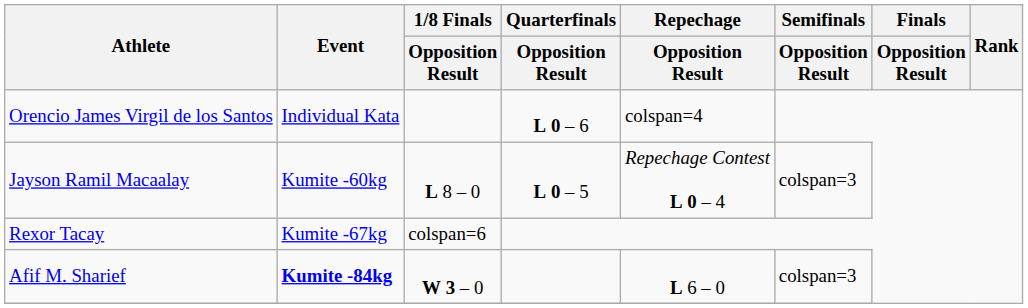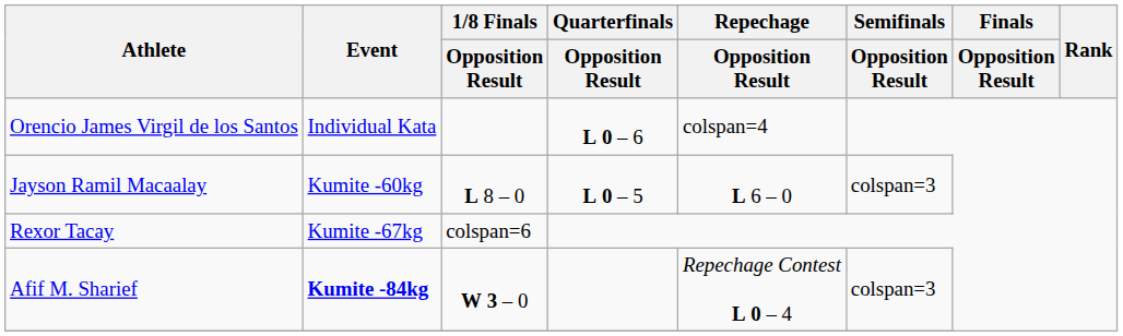 <table class=wikitable style="font-size:90%">
 <tr>
 <th rowspan=2>Athlete</th>
 <th rowspan=2>Event</th>
 <th>1/8 Finals</th>
 <th>Quarterfinals</th>
 <th>Repechage</th>
 <th>Semifinals</th>
 <th>Finals</th>
 <th rowspan=2>Rank</th>
 </tr>
 <tr>
 <th>Opposition<br>Result</th>
 <th>Opposition<br>Result</th>
 <th>Opposition<br>Result</th>
 <th>Opposition<br>Result</th>
 <th>Opposition<br>Result</th>
 </tr>
 <tr>
 <td><a href='#'>Orencio James Virgil de los Santos</a></td>
 <td><a href='#'>Individual Kata</a></td>
 <td></td>
 <td align=center> <br> <strong>L</strong> <strong>0</strong> – 6</td>
 <td>colspan=4 </td>
 </tr>
 <tr>
 <td><a href='#'>Jayson Ramil Macaalay</a></td>
 <td><a href='#'>Kumite -60kg</a></td>
 <td align=center> <br><strong>L</strong> 8 – 0</td>
 <td align=center> <br> <strong>L</strong> <strong>0</strong> – 5</td>
-<td align=center><em>Repechage Contest</em><br>  <br> <strong>L</strong> <strong>0</strong> – 4</td>
+<td align=center> <br><strong>L</strong> 6 – 0</td>
 <td>colspan=3 </td>
 </tr>
 <tr>
 <td><a href='#'>Rexor Tacay</a></td>
 <td><a href='#'>Kumite -67kg</a></td>
 <td>colspan=6 </td>
 </tr>
 <tr>
 <td><a href='#'>Afif M. Sharief</a></td>
 <td><strong><a href='#'>Kumite -84kg</a></strong></td>
 <td align=center> <br> <strong>W</strong> <strong>3</strong> – 0</td>
 <td></td>
-<td align=center> <br><strong>L</strong> 6 – 0</td>
+<td align=center><em>Repechage Contest</em><br>  <br> <strong>L</strong> <strong>0</strong> – 4</td>
 <td>colspan=3</td>
 </tr>
 <tr>
 </tr>
 </table>
